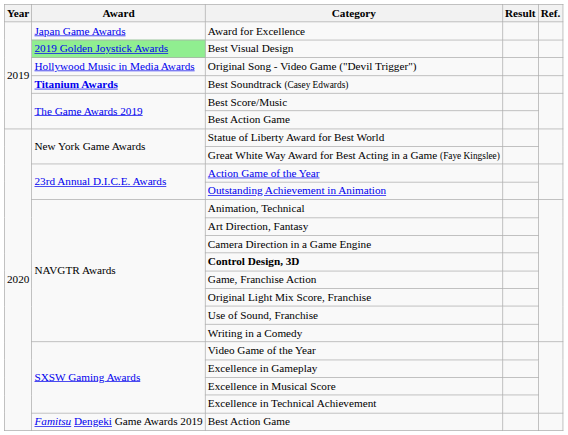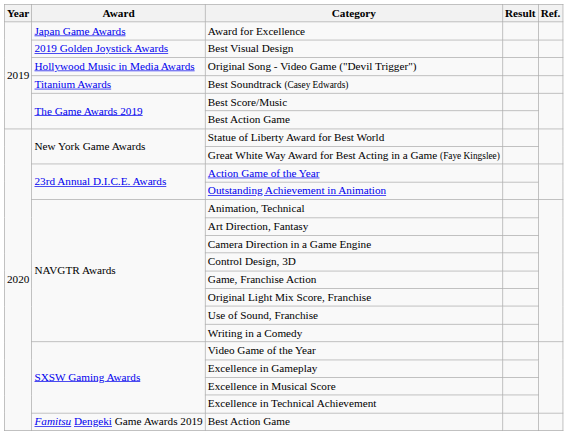 <table class="wikitable sortable">
 <tr>
 <th>Year</th>
 <th>Award</th>
 <th>Category</th>
 <th>Result</th>
 <th class="unsortable">Ref.</th>
 </tr>
 <tr>
 <td style="text-align:center;" rowspan="6">2019</td>
 <td><a href='#'>Japan Game Awards</a></td>
 <td>Award for Excellence</td>
 <td></td>
 <td style="text-align:center;"></td>
 </tr>
 <tr>
-<td style="background: lightgreen;"><a href='#'>2019 Golden Joystick Awards</a></td>
+<td><a href='#'>2019 Golden Joystick Awards</a></td>
 <td>Best Visual Design</td>
 <td></td>
 <td style="text-align:center;"></td>
 </tr>
 <tr>
 <td><a href='#'>Hollywood Music in Media Awards</a></td>
 <td>Original Song - Video Game ("Devil Trigger")</td>
 <td></td>
 <td style="text-align:center;"></td>
 </tr>
 <tr>
-<td><strong><a href='#'>Titanium Awards</a></strong></td>
+<td><a href='#'>Titanium Awards</a></td>
 <td>Best Soundtrack <small>(Casey Edwards)</small></td>
 <td></td>
 <td style="text-align:center;"></td>
 </tr>
 <tr>
 <td rowspan="2"><a href='#'>The Game Awards 2019</a></td>
 <td>Best Score/Music</td>
 <td></td>
 <td rowspan="2" style="text-align:center;"></td>
 </tr>
 <tr>
 <td>Best Action Game</td>
 <td></td>
 </tr>
 <tr>
 <td style="text-align:center;" rowspan="17">2020</td>
 <td rowspan="2">New York Game Awards</td>
 <td>Statue of Liberty Award for Best World</td>
 <td></td>
 <td rowspan="2" style="text-align:center;"></td>
 </tr>
 <tr>
 <td>Great White Way Award for Best Acting in a Game <small>(Faye Kingslee)</small></td>
 <td></td>
 </tr>
 <tr>
 <td rowspan="2"><a href='#'>23rd Annual D.I.C.E. Awards</a></td>
 <td><a href='#'>Action Game of the Year</a></td>
 <td></td>
 <td rowspan="2" style="text-align:center;"></td>
 </tr>
 <tr>
 <td><a href='#'>Outstanding Achievement in Animation</a></td>
 <td></td>
 </tr>
 <tr>
 <td rowspan="8">NAVGTR Awards</td>
 <td>Animation, Technical</td>
 <td></td>
 <td rowspan="8" style="text-align:center;"></td>
 </tr>
 <tr>
 <td>Art Direction, Fantasy</td>
 <td></td>
 </tr>
 <tr>
 <td>Camera Direction in a Game Engine</td>
 <td></td>
 </tr>
 <tr>
-<td><strong>Control Design, 3D</strong></td>
+<td>Control Design, 3D</td>
 <td></td>
 </tr>
 <tr>
 <td>Game, Franchise Action</td>
 <td></td>
 </tr>
 <tr>
 <td>Original Light Mix Score, Franchise</td>
 <td></td>
 </tr>
 <tr>
 <td>Use of Sound, Franchise</td>
 <td></td>
 </tr>
 <tr>
 <td>Writing in a Comedy</td>
 <td></td>
 </tr>
 <tr>
 <td rowspan="4"><a href='#'>SXSW Gaming Awards</a></td>
 <td>Video Game of the Year</td>
 <td></td>
 <td rowspan="4" style="text-align:center;"><br></td>
 </tr>
 <tr>
 <td>Excellence in Gameplay</td>
 <td></td>
 </tr>
 <tr>
 <td>Excellence in Musical Score</td>
 <td></td>
 </tr>
 <tr>
 <td>Excellence in Technical Achievement</td>
 <td></td>
 </tr>
 <tr>
 <td><em><a href='#'>Famitsu</a></em> <a href='#'>Dengeki</a> Game Awards 2019</td>
 <td>Best Action Game</td>
 <td></td>
 <td style="text-align:center;"></td>
 </tr>
 </table>
